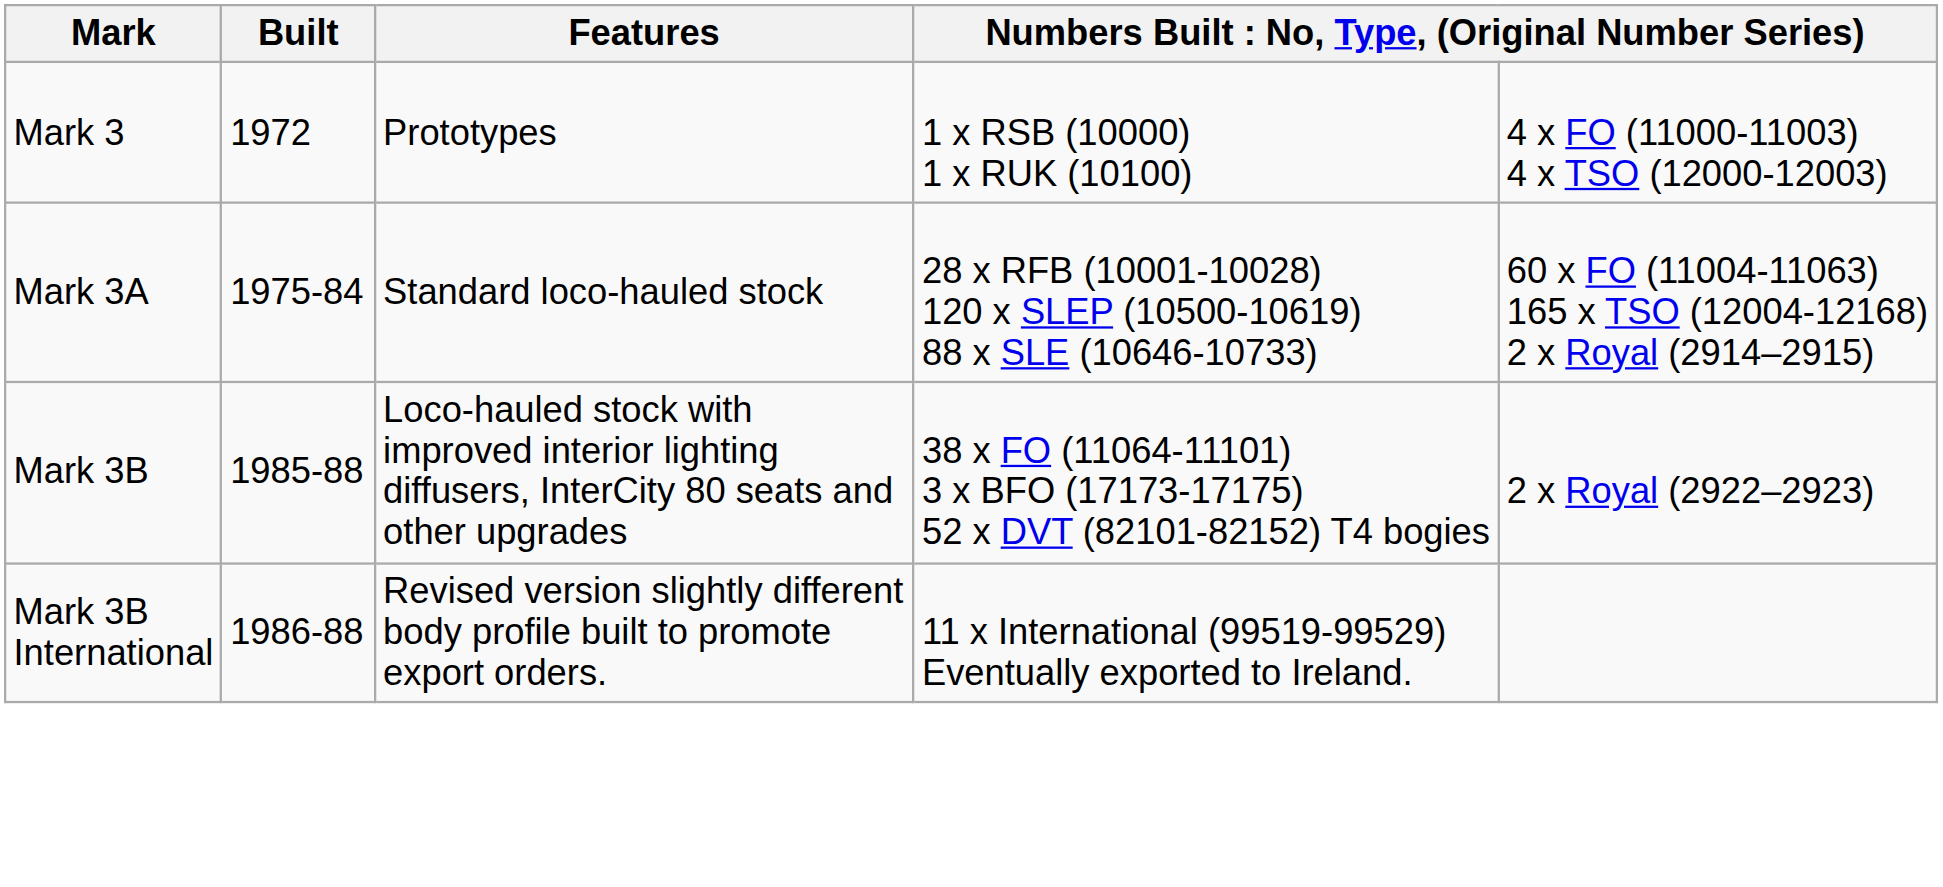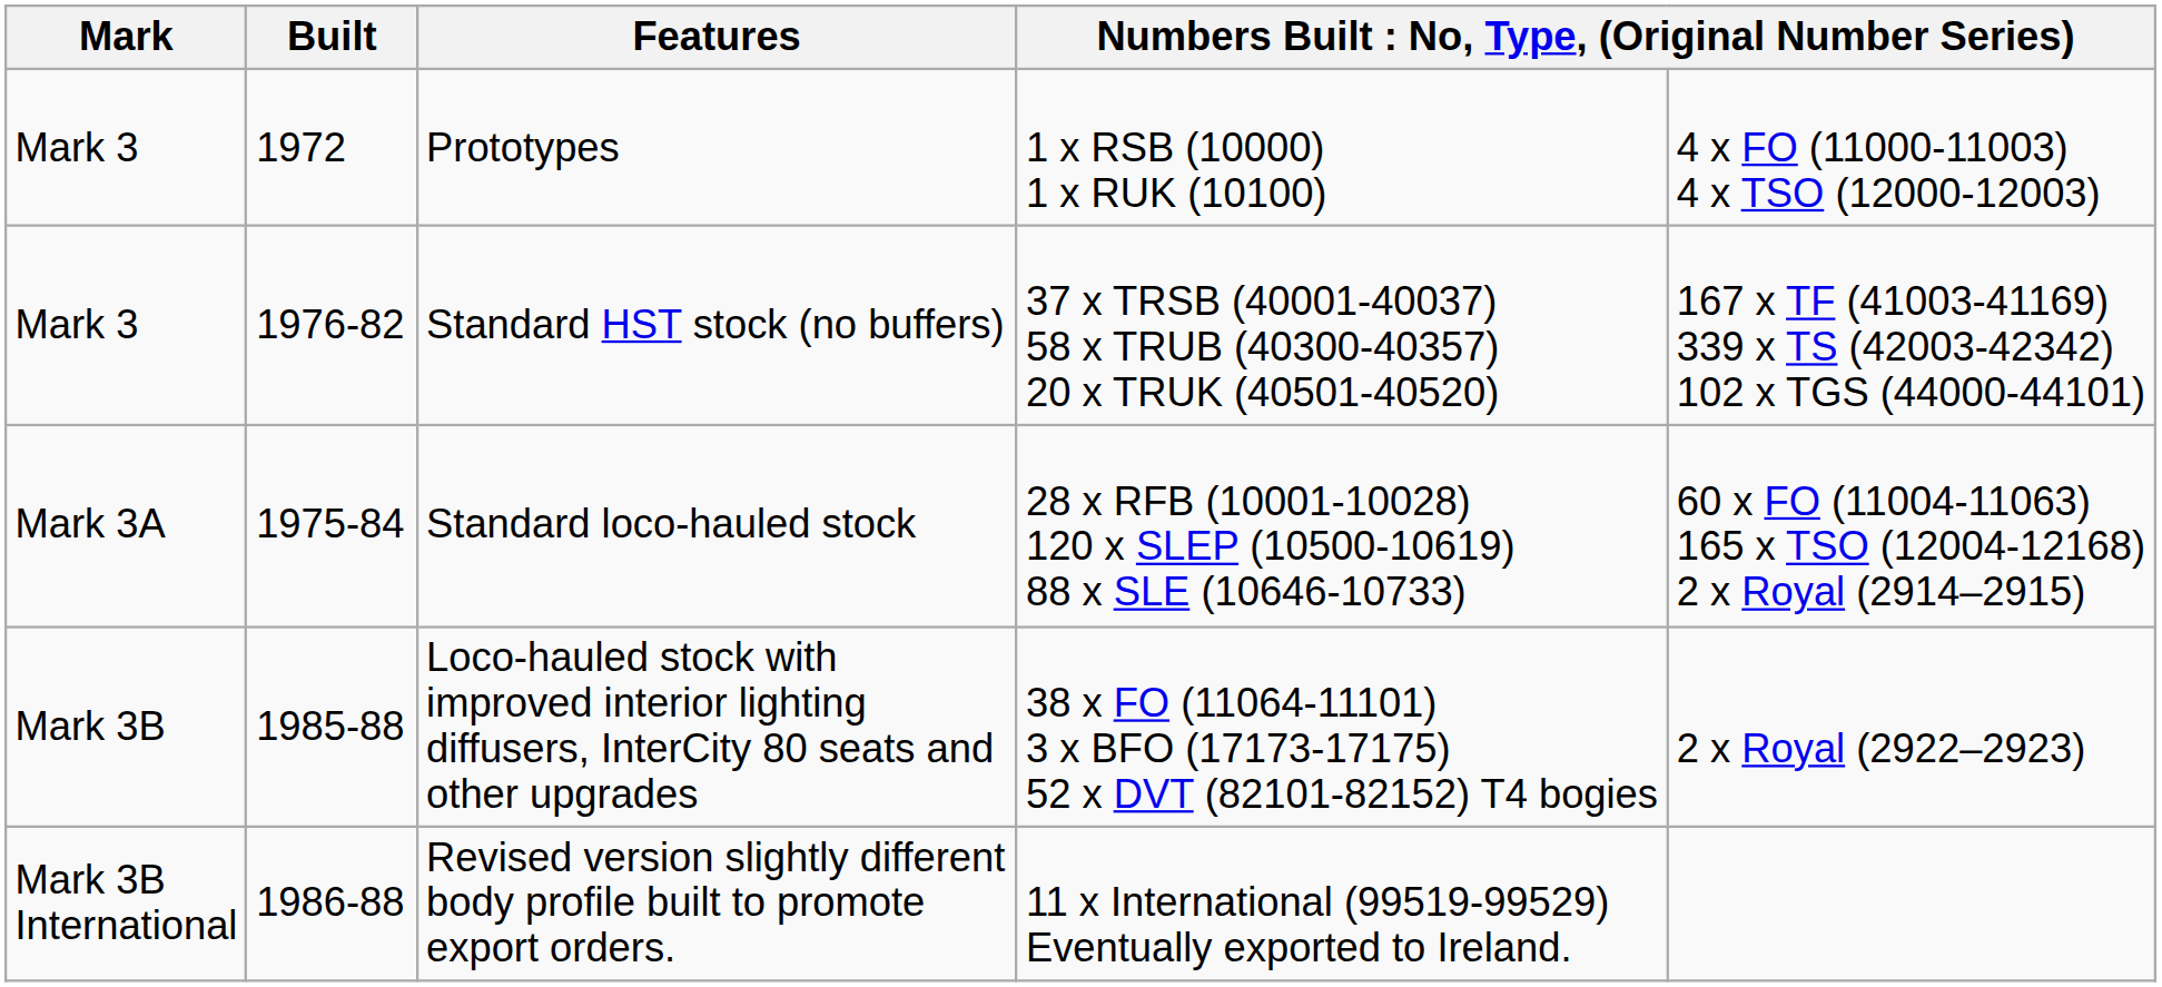 <table class="wikitable">
 <tr>
 <th style="width: 60px;">Mark</th>
 <th style="width: 60px;">Built</th>
 <th style="width: 230px;">Features</th>
 <th colspan="2">Numbers Built : No, <a href='#'>Type</a>, (Original Number Series)</th>
 </tr>
 <tr>
 <td>Mark 3</td>
 <td>1972</td>
 <td>Prototypes</td>
 <td><br>1 x RSB (10000) <br> 1 x RUK (10100) <br></td>
 <td><br>4 x <a href='#'>FO</a> (11000-11003) <br> 4 x <a href='#'>TSO</a> (12000-12003) <br></td>
+</tr>
+<tr>
+<td>Mark 3</td>
+<td>1976-82</td>
+<td>Standard <a href='#'>HST</a> stock (no buffers)</td>
+<td><br>37 x TRSB (40001-40037) <br> 58 x TRUB (40300-40357) <br> 20 x TRUK (40501-40520) <br></td>
+<td><br>167 x <a href='#'>TF</a> (41003-41169) <br> 339 x <a href='#'>TS</a> (42003-42342) <br> 102 x TGS (44000-44101) <br></td>
 </tr>
 <tr>
 <td>Mark 3A</td>
 <td>1975-84</td>
 <td>Standard loco-hauled stock</td>
 <td><br>28 x RFB (10001-10028) <br> 120 x <a href='#'>SLEP</a> (10500-10619) <br> 88 x <a href='#'>SLE</a> (10646-10733) <br></td>
 <td><br>60 x <a href='#'>FO</a> (11004-11063) <br> 165 x <a href='#'>TSO</a> (12004-12168) <br> 2 x <a href='#'>Royal</a> (2914–2915)</td>
 </tr>
 <tr>
 <td>Mark 3B</td>
 <td>1985-88</td>
 <td>Loco-hauled stock with improved interior lighting diffusers, InterCity 80 seats and other upgrades</td>
 <td><br>38 x <a href='#'>FO</a> (11064-11101) <br> 3 x BFO (17173-17175)<br> 52 x <a href='#'>DVT</a> (82101-82152)  T4 bogies <br></td>
 <td><br>2 x <a href='#'>Royal</a> (2922–2923)</td>
 </tr>
 <tr>
 <td>Mark 3B International</td>
 <td>1986-88</td>
 <td>Revised version slightly different body profile built to promote export orders.</td>
 <td><br>11 x International (99519-99529) <br> Eventually exported to Ireland.</td>
 <td></td>
 </tr>
 </table>
